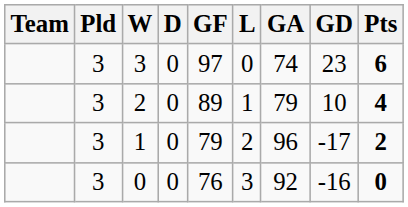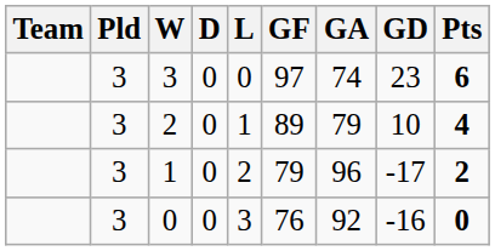 <table class="wikitable" style="text-align: center;">
 <tr>
 <th>Team</th>
 <th><abbr>Pld</abbr></th>
 <th><abbr>W</abbr></th>
 <th><abbr>D</abbr></th>
+<th><abbr>L</abbr></th>
 <th><abbr>GF</abbr></th>
-<th><abbr>L</abbr></th>
 <th><abbr>GA</abbr></th>
 <th><abbr>GD</abbr></th>
 <th><abbr>Pts</abbr></th>
 </tr>
 <tr>
 <td align="left"></td>
 <td>3</td>
 <td>3</td>
 <td>0</td>
+<td>0</td>
 <td>97</td>
-<td>0</td>
 <td>74</td>
 <td>23</td>
 <td><strong>6</strong></td>
 </tr>
 <tr>
 <td align="left"></td>
 <td>3</td>
 <td>2</td>
 <td>0</td>
+<td>1</td>
 <td>89</td>
-<td>1</td>
 <td>79</td>
 <td>10</td>
 <td><strong>4</strong></td>
 </tr>
 <tr>
 <td align="left"></td>
 <td>3</td>
 <td>1</td>
 <td>0</td>
+<td>2</td>
 <td>79</td>
-<td>2</td>
 <td>96</td>
 <td>-17</td>
 <td><strong>2</strong></td>
 </tr>
 <tr>
 <td align="left"></td>
 <td>3</td>
 <td>0</td>
 <td>0</td>
+<td>3</td>
 <td>76</td>
-<td>3</td>
 <td>92</td>
 <td>-16</td>
 <td><strong>0</strong></td>
 </tr>
 </table>
